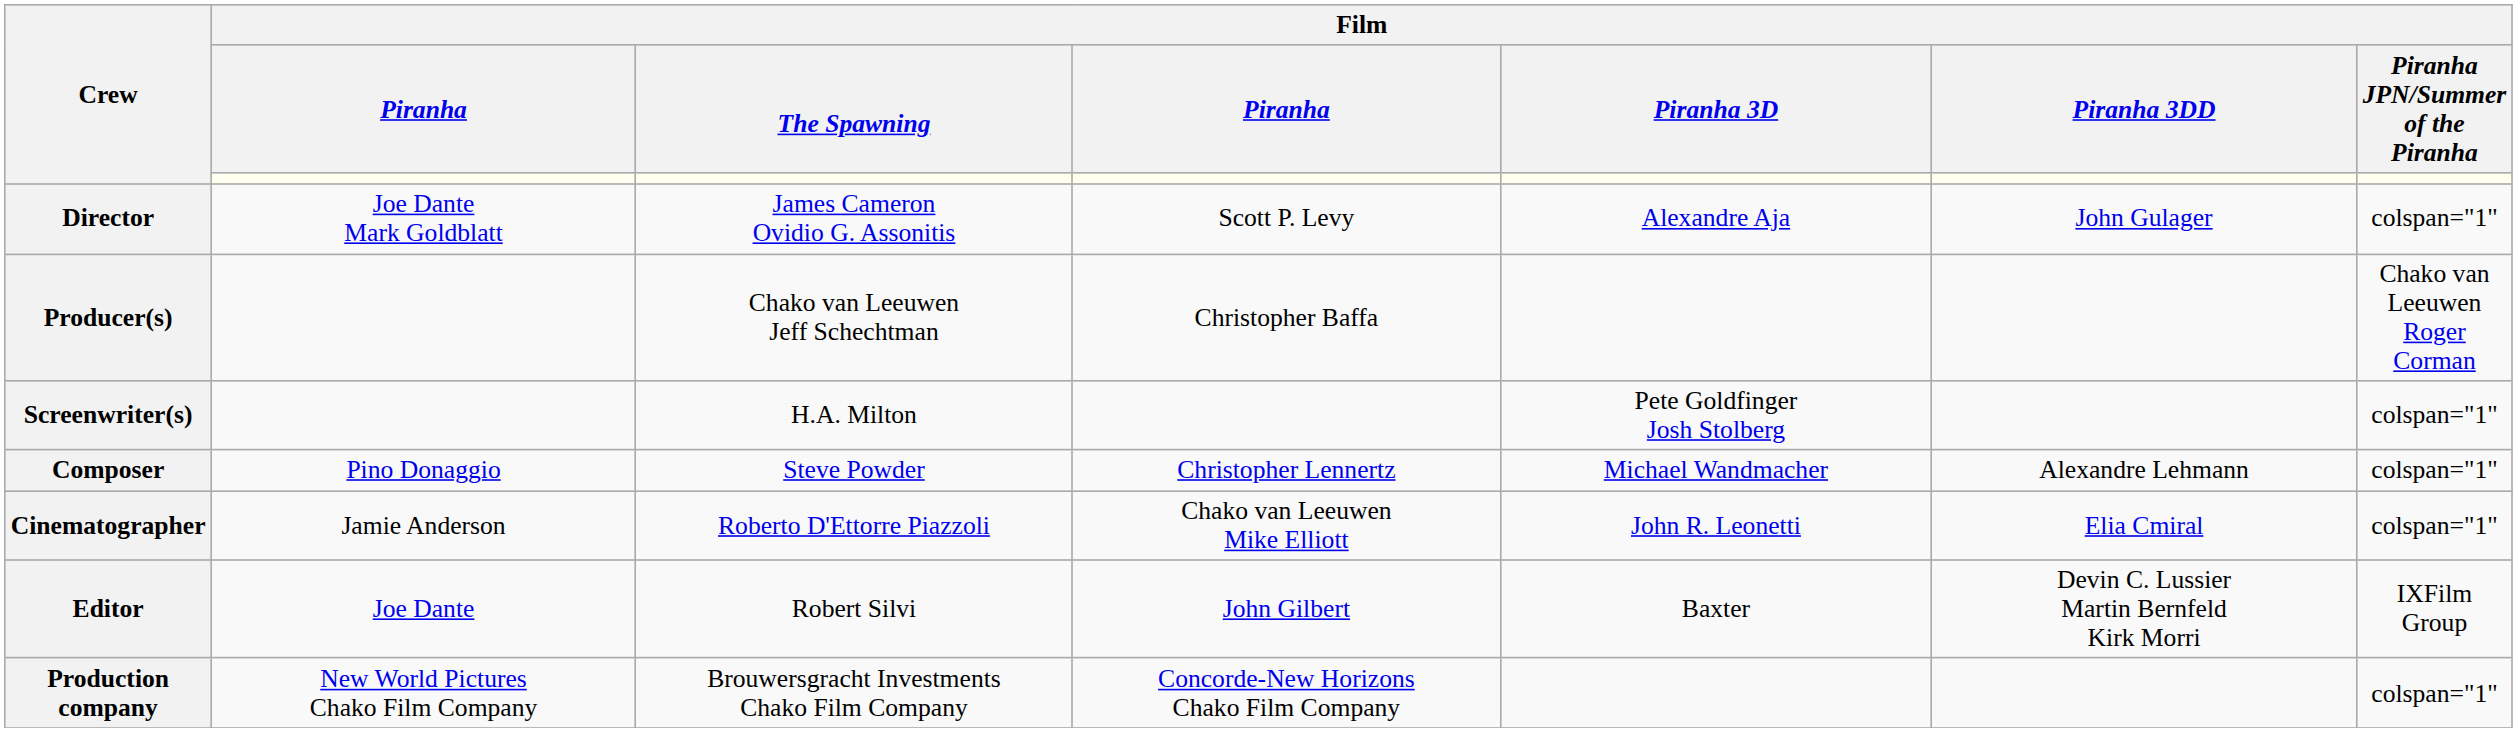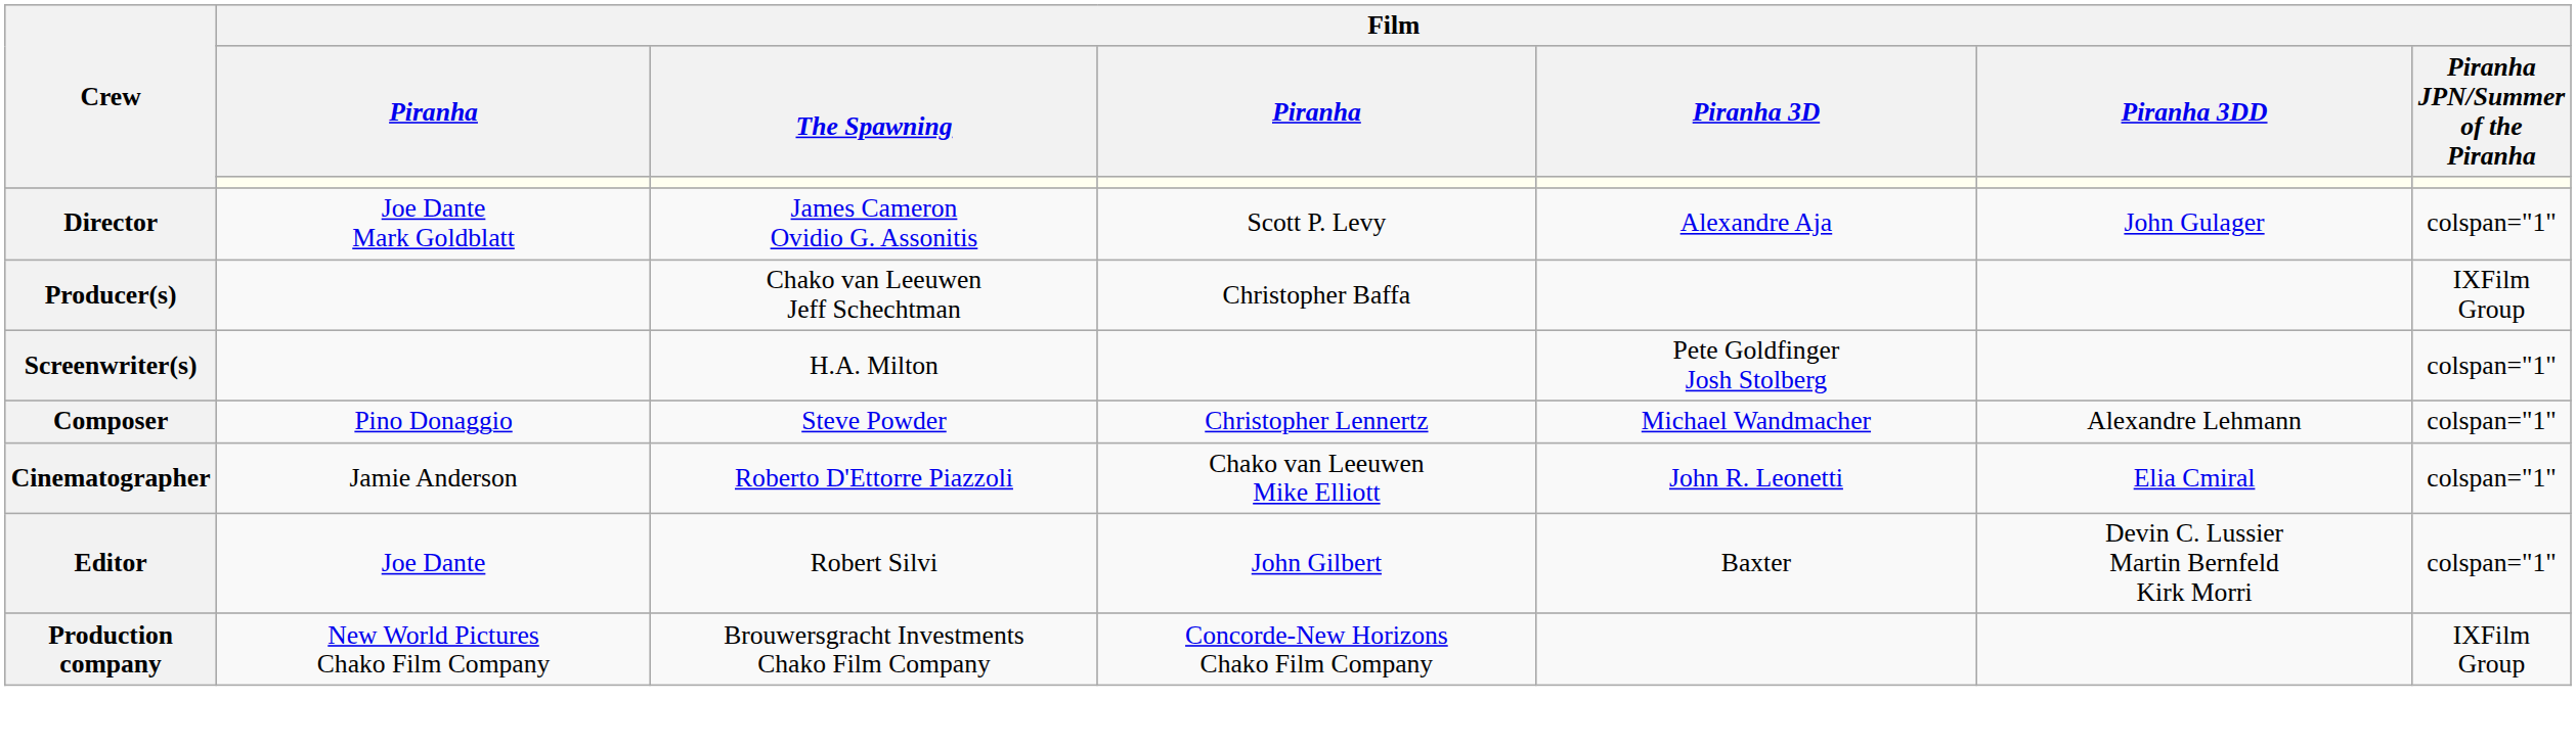 <table class="wikitable" style="text-align:center; width:99%;">
 <tr>
 <th rowspan="3">Crew</th>
 <th colspan="6">Film</th>
 </tr>
 <tr>
 <th style="width:20%;"><em><a href='#'>Piranha</a></em></th>
 <th style="width:20%;"><em><a href='#'><br>The Spawning</a></em></th>
 <th style="width:20%;"><em><a href='#'>Piranha</a></em></th>
 <th style="width:20%;"><em><a href='#'>Piranha 3D</a></em></th>
 <th style="width:20%;"><em><a href='#'>Piranha 3DD</a></em></th>
 <th style="width:20%;"><em>Piranha JPN/Summer of the Piranha</em></th>
 </tr>
 <tr>
 <th style="background:ivory;"></th>
 <th style="background:ivory;"></th>
 <th style="background:ivory;"></th>
 <th style="background:ivory;"></th>
 <th style="background:ivory;"></th>
 <th style="background:ivory;"></th>
 </tr>
 <tr>
 <th>Director</th>
 <td><a href='#'>Joe Dante</a><br><a href='#'>Mark Goldblatt</a></td>
 <td><a href='#'>James Cameron</a><br><a href='#'>Ovidio G. Assonitis</a></td>
 <td>Scott P. Levy</td>
 <td><a href='#'>Alexandre Aja</a></td>
 <td><a href='#'>John Gulager</a></td>
 <td>colspan="1" </td>
 </tr>
 <tr>
 <th>Producer(s)</th>
 <td></td>
 <td>Chako van Leeuwen<br>Jeff Schechtman</td>
 <td>Christopher Baffa</td>
 <td></td>
 <td></td>
-<td>Chako van Leeuwen<br><a href='#'>Roger Corman</a></td>
+<td>IXFilm Group</td>
 </tr>
 <tr>
 <th>Screenwriter(s)</th>
 <td></td>
 <td>H.A. Milton</td>
 <td></td>
 <td>Pete Goldfinger<br><a href='#'>Josh Stolberg</a></td>
 <td></td>
 <td>colspan="1" </td>
 </tr>
 <tr>
 <th>Composer</th>
 <td><a href='#'>Pino Donaggio</a></td>
 <td><a href='#'>Steve Powder</a></td>
 <td><a href='#'>Christopher Lennertz</a></td>
 <td><a href='#'>Michael Wandmacher</a></td>
 <td>Alexandre Lehmann</td>
 <td>colspan="1" </td>
 </tr>
 <tr>
 <th>Cinematographer</th>
 <td>Jamie Anderson</td>
 <td><a href='#'>Roberto D'Ettorre Piazzoli</a></td>
 <td>Chako van Leeuwen<br><a href='#'>Mike Elliott</a></td>
 <td><a href='#'>John R. Leonetti</a></td>
 <td><a href='#'>Elia Cmiral</a></td>
 <td>colspan="1" </td>
 </tr>
 <tr>
 <th>Editor</th>
 <td><a href='#'>Joe Dante</a></td>
 <td>Robert Silvi</td>
 <td><a href='#'>John Gilbert</a></td>
 <td>Baxter</td>
 <td>Devin C. Lussier<br>Martin Bernfeld<br>Kirk Morri</td>
-<td>IXFilm Group</td>
+<td>colspan="1" </td>
 </tr>
 <tr>
 <th>Production company</th>
 <td><a href='#'>New World Pictures</a><br>Chako Film Company</td>
 <td>Brouwersgracht Investments<br>Chako Film Company</td>
 <td><a href='#'>Concorde-New Horizons</a><br>Chako Film Company</td>
 <td></td>
 <td></td>
-<td>colspan="1" </td>
+<td>IXFilm Group</td>
 </tr>
 </table>
